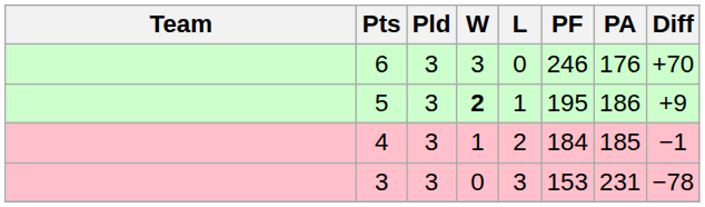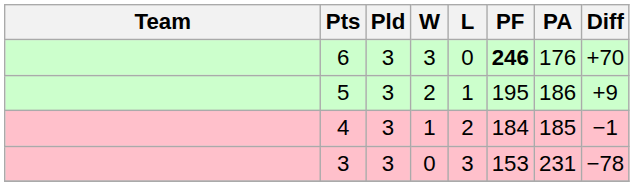 <table class=wikitable style="text-align:center">
 <tr>
 <th width=220>Team</th>
 <th width=20>Pts</th>
 <th width=20>Pld</th>
 <th width=20>W</th>
 <th width=20>L</th>
 <th width=20>PF</th>
 <th width=20>PA</th>
 <th width=20>Diff</th>
 </tr>
 <tr bgcolor=ccffcc>
 <td align=left></td>
 <td>6</td>
 <td>3</td>
 <td>3</td>
 <td>0</td>
-<td>246</td>
+<td><strong>246</strong></td>
 <td>176</td>
 <td>+70</td>
 </tr>
 <tr bgcolor=ccffcc>
 <td align=left></td>
 <td>5</td>
 <td>3</td>
-<td><strong>2</strong></td>
+<td>2</td>
 <td>1</td>
 <td>195</td>
 <td>186</td>
 <td>+9</td>
 </tr>
 <tr bgcolor=pink>
 <td align=left></td>
 <td>4</td>
 <td>3</td>
 <td>1</td>
 <td>2</td>
 <td>184</td>
 <td>185</td>
 <td>−1</td>
 </tr>
 <tr bgcolor=pink>
 <td align=left></td>
 <td>3</td>
 <td>3</td>
 <td>0</td>
 <td>3</td>
 <td>153</td>
 <td>231</td>
 <td>−78</td>
 </tr>
 <tr>
 </tr>
 </table>
